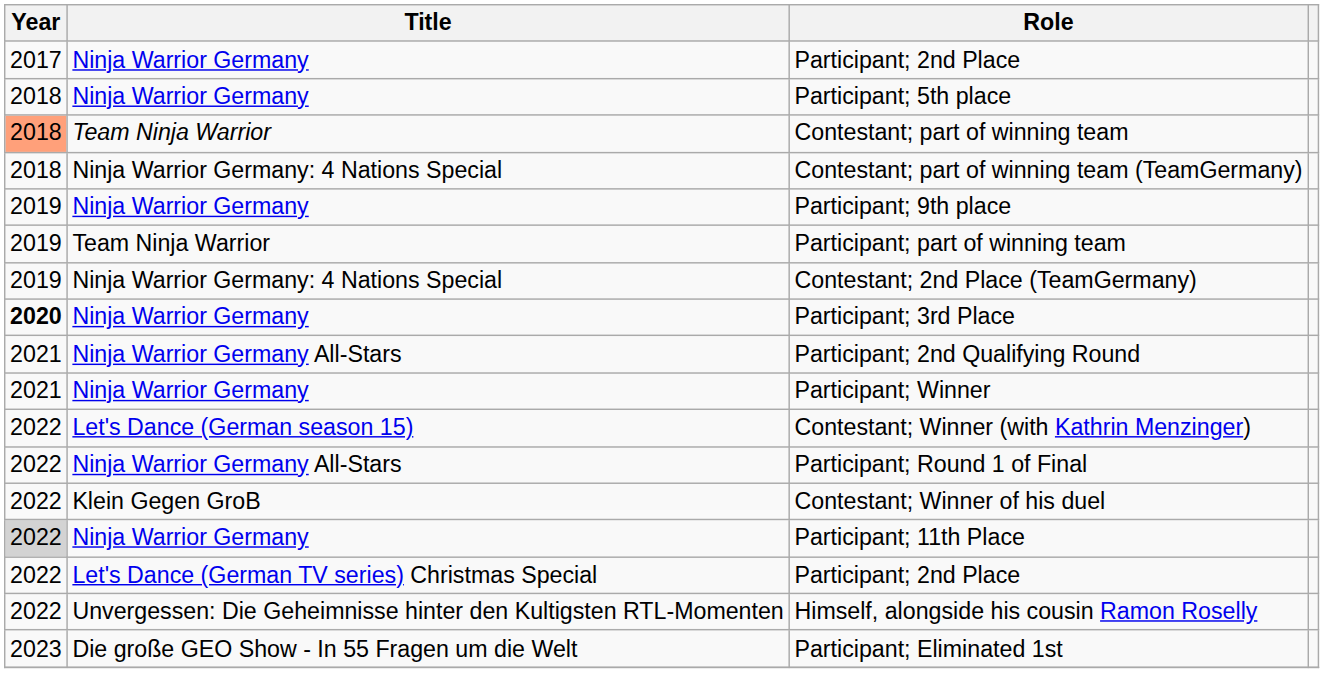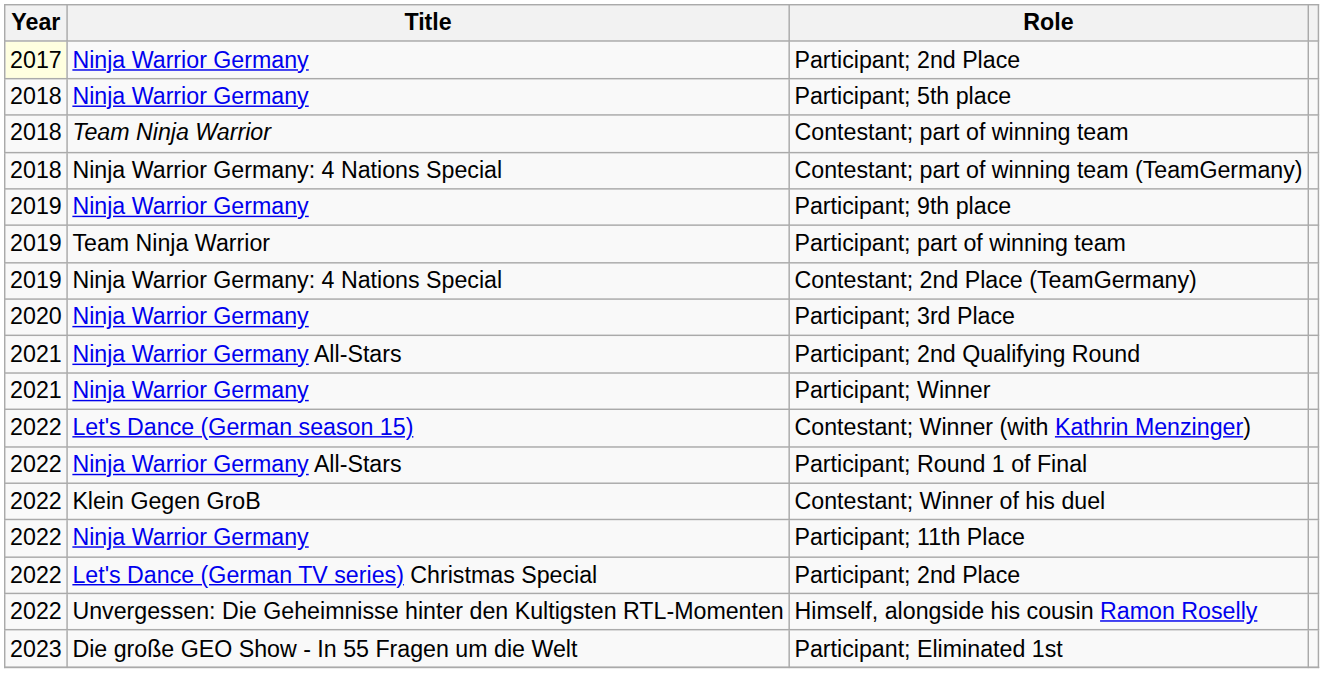 <table class="wikitable plainrowheaders sortable">
 <tr>
 <th>Year</th>
 <th>Title</th>
 <th>Role</th>
 <th class="unsortable"></th>
 </tr>
 <tr>
-<td>2017</td>
+<td style="background: lightyellow;">2017</td>
 <td><a href='#'>Ninja Warrior Germany</a></td>
 <td>Participant; 2nd Place</td>
 <td align="center"></td>
 </tr>
 <tr>
 <td>2018</td>
 <td><a href='#'>Ninja Warrior Germany</a></td>
 <td>Participant; 5th place</td>
 <td align="center"></td>
 </tr>
 <tr>
-<td style="background: lightsalmon;">2018</td>
+<td>2018</td>
 <td><em>Team Ninja Warrior</em></td>
 <td>Contestant; part of winning team</td>
 <td align="center"></td>
 </tr>
 <tr>
 <td>2018</td>
 <td>Ninja Warrior Germany: 4 Nations Special</td>
 <td>Contestant; part of winning team (TeamGermany)</td>
 <td align="center"></td>
 </tr>
 <tr>
 <td>2019</td>
 <td><a href='#'>Ninja Warrior Germany</a></td>
 <td>Participant; 9th place</td>
 <td align="center"></td>
 </tr>
 <tr>
 <td>2019</td>
 <td>Team Ninja Warrior</td>
 <td>Participant; part of winning team</td>
 <td align="center"></td>
 </tr>
 <tr>
 <td>2019</td>
 <td>Ninja Warrior Germany: 4 Nations Special</td>
 <td>Contestant; 2nd Place (TeamGermany)</td>
 <td align="center"></td>
 </tr>
 <tr>
-<td><strong>2020</strong></td>
+<td>2020</td>
 <td><a href='#'>Ninja Warrior Germany</a></td>
 <td>Participant; 3rd Place</td>
 <td align="center"></td>
 </tr>
 <tr>
 <td>2021</td>
 <td><a href='#'>Ninja Warrior Germany</a> All-Stars</td>
 <td>Participant; 2nd Qualifying Round</td>
 <td align="center"></td>
 </tr>
 <tr>
 <td>2021</td>
 <td><a href='#'>Ninja Warrior Germany</a></td>
 <td>Participant; Winner</td>
 <td align="center"></td>
 </tr>
 <tr>
 <td>2022</td>
 <td><a href='#'>Let's Dance (German season 15)</a></td>
 <td>Contestant; Winner (with <a href='#'>Kathrin Menzinger</a>)</td>
 <td align="center"></td>
 </tr>
 <tr>
 <td>2022</td>
 <td><a href='#'>Ninja Warrior Germany</a> All-Stars</td>
 <td>Participant; Round 1 of Final</td>
 <td align="center"></td>
 </tr>
 <tr>
 <td>2022</td>
 <td>Klein Gegen GroB</td>
 <td>Contestant; Winner of his duel</td>
 <td align="center"></td>
 </tr>
 <tr>
-<td style="background: lightgrey;">2022</td>
+<td>2022</td>
 <td><a href='#'>Ninja Warrior Germany</a></td>
 <td>Participant; 11th Place</td>
 <td align="center"></td>
 </tr>
 <tr>
 <td>2022</td>
 <td><a href='#'>Let's Dance (German TV series)</a> Christmas Special</td>
 <td>Participant; 2nd Place</td>
 <td align="center"></td>
 </tr>
 <tr>
 <td>2022</td>
 <td>Unvergessen: Die Geheimnisse hinter den Kultigsten RTL-Momenten</td>
 <td>Himself, alongside his cousin <a href='#'>Ramon Roselly</a></td>
 <td align="center"></td>
 </tr>
 <tr>
 <td>2023</td>
 <td>Die große GEO Show - In 55 Fragen um die Welt</td>
 <td>Participant; Eliminated 1st</td>
 <td align="center"></td>
 </tr>
 <tr>
 </tr>
 </table>
